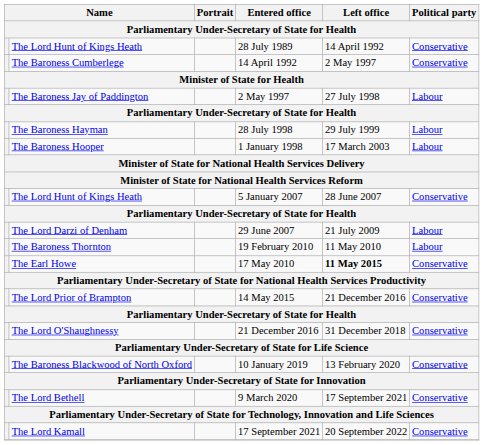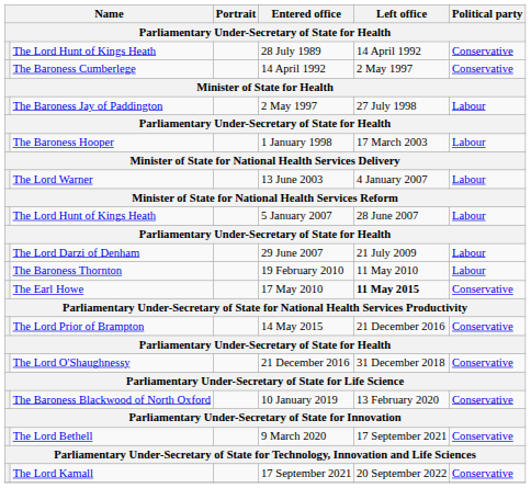 <table class="wikitable">
 <tr>
 <th colspan=2>Name</th>
 <th>Portrait</th>
 <th>Entered office</th>
 <th>Left office</th>
 <th>Political party</th>
 </tr>
 <tr>
 <th colspan="6">Parliamentary Under-Secretary of State for Health</th>
 </tr>
 <tr>
 <th style="background-color: "></th>
 <td><a href='#'>The Lord Hunt of Kings Heath</a></td>
 <td></td>
 <td>28 July 1989</td>
 <td>14 April 1992</td>
 <td><a href='#'>Conservative</a></td>
 </tr>
 <tr>
 <th style="background-color: "></th>
 <td><a href='#'>The Baroness Cumberlege</a></td>
 <td></td>
 <td>14 April 1992</td>
 <td>2 May 1997</td>
 <td><a href='#'>Conservative</a></td>
 </tr>
 <tr>
 <th colspan="6">Minister of State for Health</th>
 </tr>
 <tr>
 <th style="background-color: "></th>
 <td><a href='#'>The Baroness Jay of Paddington</a></td>
 <td></td>
 <td>2 May 1997</td>
 <td>27 July 1998</td>
 <td><a href='#'>Labour</a></td>
 </tr>
 <tr>
 <th colspan="6">Parliamentary Under-Secretary of State for Health</th>
 </tr>
 <tr>
 <th style="background-color: "></th>
-<td><a href='#'>The Baroness Hayman</a></td>
-<td></td>
-<td>28 July 1998</td>
-<td>29 July 1999</td>
-<td><a href='#'>Labour</a></td>
-</tr>
-<tr>
-<th style="background-color: "></th>
 <td><a href='#'>The Baroness Hooper</a></td>
 <td></td>
 <td>1 January 1998</td>
 <td>17 March 2003</td>
 <td><a href='#'>Labour</a></td>
 </tr>
 <tr>
 <th colspan="6">Minister of State for National Health Services Delivery</th>
 </tr>
 <tr>
+<th style="background-color: "></th>
+<td><a href='#'>The Lord Warner</a></td>
+<td></td>
+<td>13 June 2003</td>
+<td>4 January 2007</td>
+<td><a href='#'>Labour</a></td>
+</tr>
+<tr>
 <th colspan="6">Minister of State for National Health Services Reform</th>
 </tr>
 <tr>
 <th style="background-color: "></th>
 <td><a href='#'>The Lord Hunt of Kings Heath</a></td>
 <td></td>
 <td>5 January 2007</td>
 <td>28 June 2007</td>
-<td><a href='#'>Conservative</a></td>
+<td><a href='#'>Labour</a></td>
 </tr>
 <tr>
 <th colspan="6">Parliamentary Under-Secretary of State for Health</th>
 </tr>
 <tr>
 <th style="background-color: "></th>
 <td><a href='#'>The Lord Darzi of Denham</a></td>
 <td></td>
 <td>29 June 2007</td>
 <td>21 July 2009</td>
 <td><a href='#'>Labour</a></td>
 </tr>
 <tr>
 <th style="background-color: "></th>
 <td><a href='#'>The Baroness Thornton</a></td>
 <td></td>
 <td>19 February 2010</td>
 <td>11 May 2010</td>
 <td><a href='#'>Labour</a></td>
 </tr>
 <tr>
 <th style="background-color: "></th>
 <td><a href='#'>The Earl Howe</a></td>
 <td></td>
 <td>17 May 2010</td>
 <td><strong>11 May 2015</strong></td>
 <td><a href='#'>Conservative</a></td>
 </tr>
 <tr>
 <th colspan="6">Parliamentary Under-Secretary of State for National Health Services Productivity</th>
 </tr>
 <tr>
 <th style="background-color: "></th>
 <td><a href='#'>The Lord Prior of Brampton</a></td>
 <td></td>
 <td>14 May 2015</td>
 <td>21 December 2016</td>
 <td><a href='#'>Conservative</a></td>
 </tr>
 <tr>
 <th colspan="6">Parliamentary Under-Secretary of State for Health</th>
 </tr>
 <tr>
 <th style="background-color: "></th>
 <td><a href='#'>The Lord O'Shaughnessy</a></td>
 <td></td>
 <td>21 December 2016</td>
 <td>31 December 2018</td>
 <td><a href='#'>Conservative</a></td>
 </tr>
 <tr>
 <th colspan="6">Parliamentary Under-Secretary of State for Life Science</th>
 </tr>
 <tr>
 <th style="background-color: "></th>
 <td><a href='#'>The Baroness Blackwood of North Oxford</a></td>
 <td></td>
 <td>10 January 2019</td>
 <td>13 February 2020</td>
 <td><a href='#'>Conservative</a></td>
 </tr>
 <tr>
 <th colspan="6">Parliamentary Under-Secretary of State for Innovation</th>
 </tr>
 <tr>
 <th style="background-color: "></th>
 <td><a href='#'>The Lord Bethell</a></td>
 <td></td>
 <td>9 March 2020</td>
 <td>17 September 2021</td>
 <td><a href='#'>Conservative</a></td>
 </tr>
 <tr>
 <th colspan="6">Parliamentary Under-Secretary of State for Technology, Innovation and Life Sciences</th>
 </tr>
 <tr>
 <th style="background-color: "></th>
 <td><a href='#'>The Lord Kamall</a></td>
 <td></td>
 <td>17 September 2021</td>
 <td>20 September 2022</td>
 <td><a href='#'>Conservative</a></td>
 </tr>
 <tr>
 </tr>
 </table>
